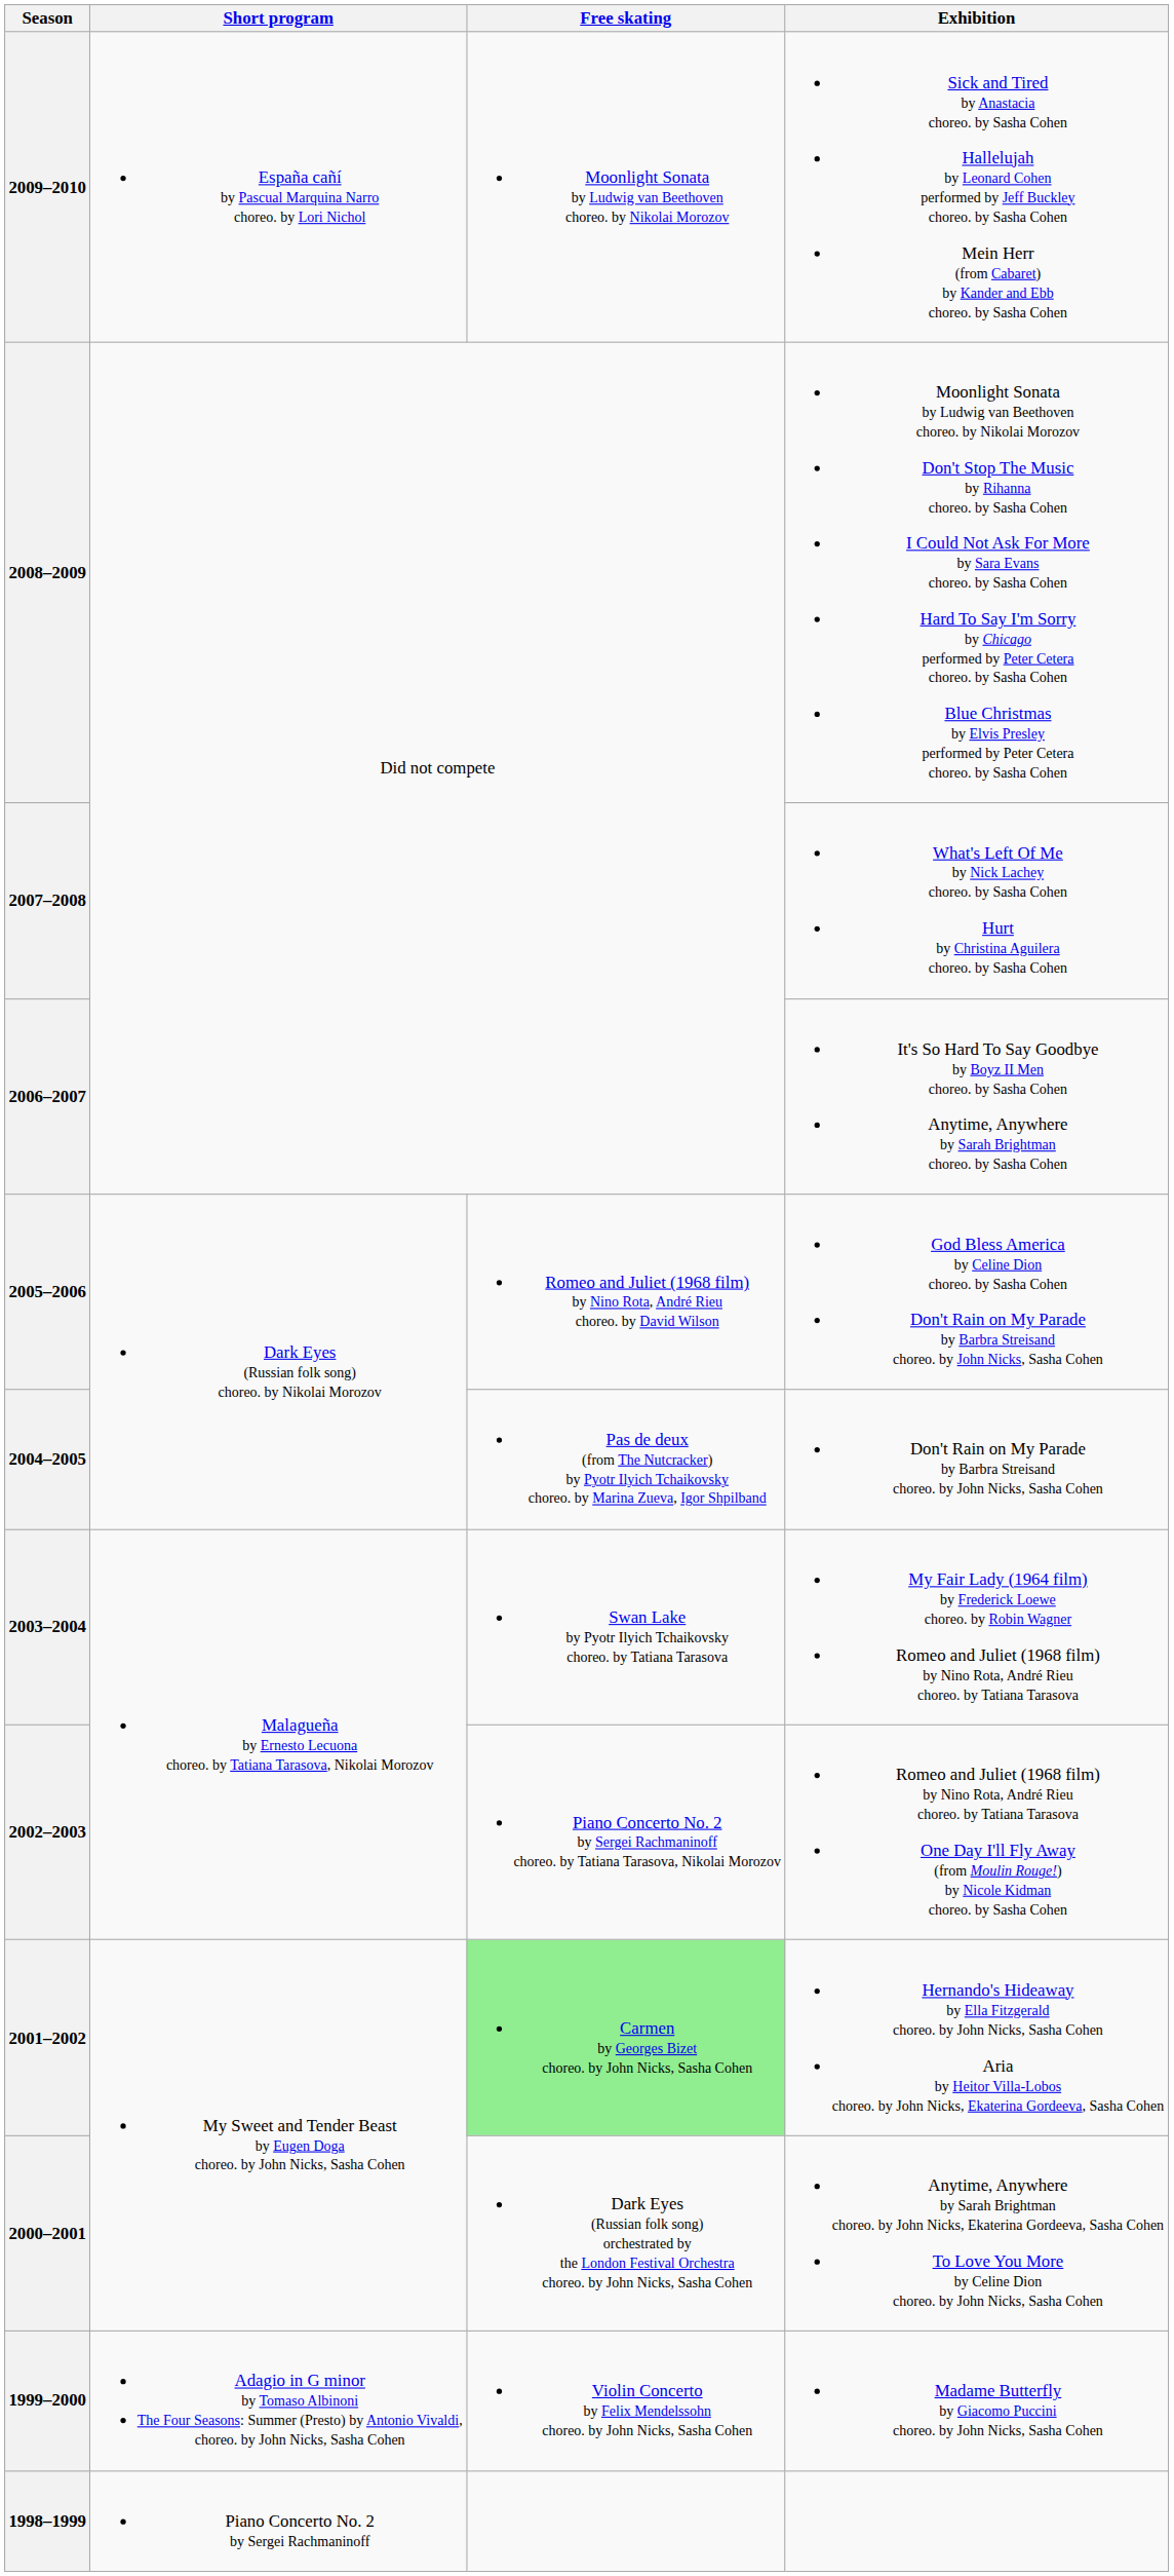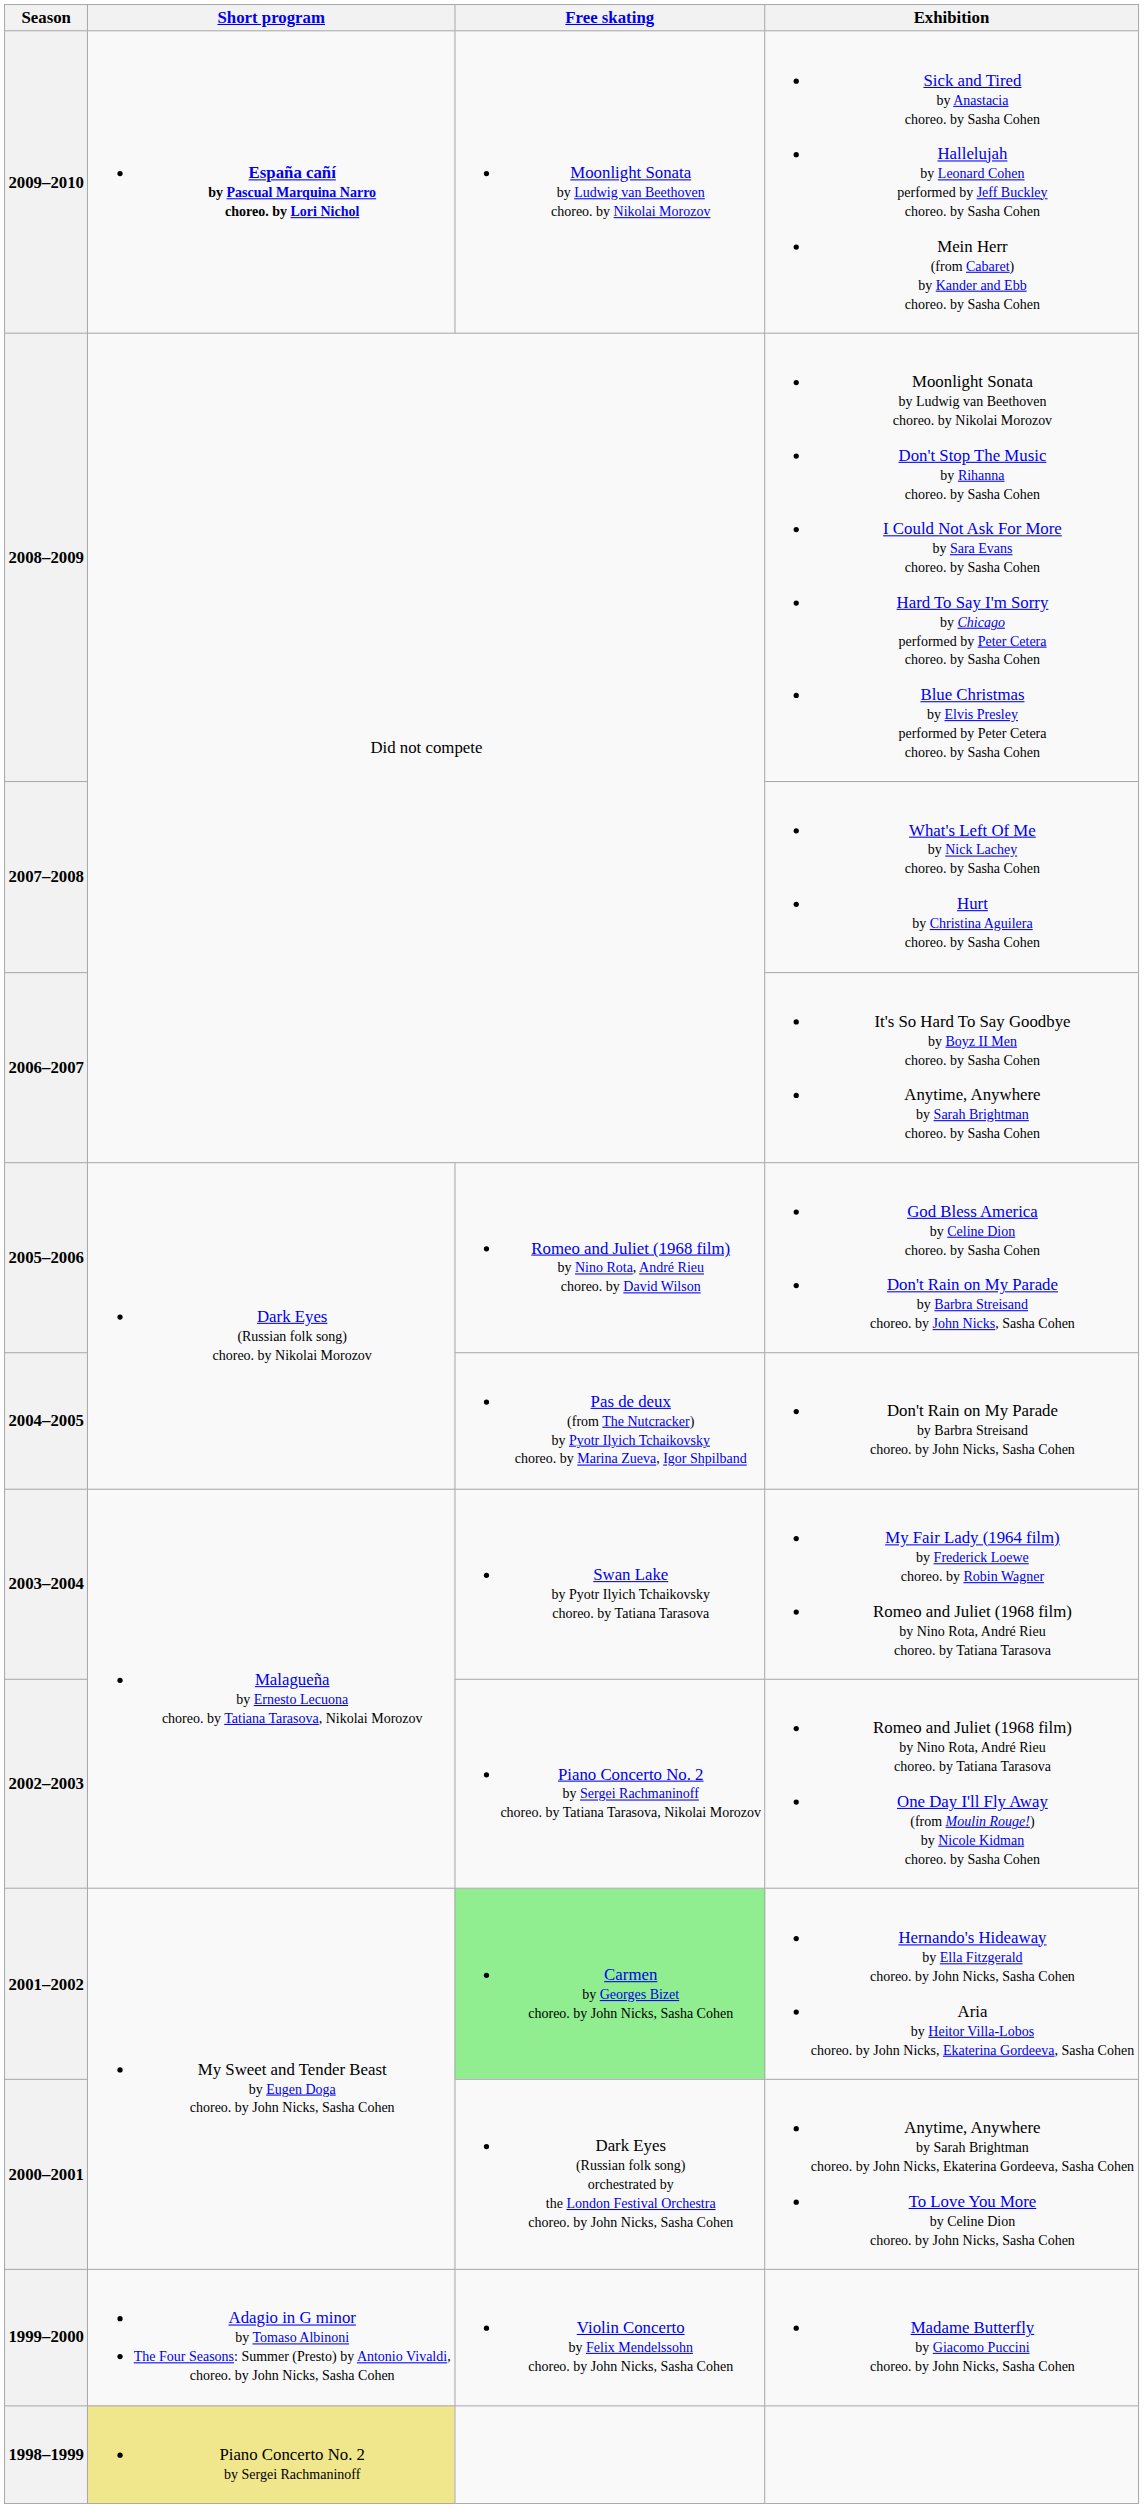 <table class="wikitable" style="text-align:center">
 <tr>
 <th>Season</th>
 <th><a href='#'>Short program</a></th>
 <th><a href='#'>Free skating</a></th>
 <th>Exhibition</th>
 </tr>
 <tr>
 <th>2009–2010</th>
-<td><br><ul><li><a href='#'>España cañí</a> <br> <small> by <a href='#'>Pascual Marquina Narro</a> <br> choreo. by <a href='#'>Lori Nichol</a> </small></li></ul></td>
+<td><strong><br><ul><li><a href='#'>España cañí</a> <br> <small> by <a href='#'>Pascual Marquina Narro</a> <br> choreo. by <a href='#'>Lori Nichol</a> </small></li></ul></strong></td>
 <td><br><ul><li><a href='#'>Moonlight Sonata</a> <br> <small> by <a href='#'>Ludwig van Beethoven</a> <br> choreo. by <a href='#'>Nikolai Morozov</a> </small></li></ul></td>
 <td><br><ul><li><a href='#'>Sick and Tired</a> <br> <small> by <a href='#'>Anastacia</a> <br> choreo. by Sasha Cohen </small></li></ul><ul><li><a href='#'>Hallelujah</a> <br> <small> by <a href='#'>Leonard Cohen</a> <br> performed by <a href='#'>Jeff Buckley</a> <br> choreo. by Sasha Cohen </small></li></ul><ul><li>Mein Herr <br> <small> (from <a href='#'>Cabaret</a>) <br> by <a href='#'>Kander and Ebb</a> <br> choreo. by Sasha Cohen </small></li></ul></td>
 </tr>
 <tr>
 <th>2008–2009</th>
 <td rowspan=3 colspan=2>Did not compete</td>
 <td><br><ul><li>Moonlight Sonata <br> <small> by Ludwig van Beethoven <br> choreo. by Nikolai Morozov </small></li></ul><ul><li><a href='#'>Don't Stop The Music</a> <br> <small> by <a href='#'>Rihanna</a> <br> choreo. by Sasha Cohen </small></li></ul><ul><li><a href='#'>I Could Not Ask For More</a> <br> <small> by <a href='#'>Sara Evans</a> <br> choreo. by Sasha Cohen </small></li></ul><ul><li><a href='#'>Hard To Say I'm Sorry</a> <br> <small> by <em><a href='#'>Chicago</a></em> <br> performed by <a href='#'>Peter Cetera</a> <br> choreo. by Sasha Cohen </small></li></ul><ul><li><a href='#'>Blue Christmas</a> <br> <small> by <a href='#'>Elvis Presley</a> <br> performed by Peter Cetera <br> choreo. by Sasha Cohen </small></li></ul></td>
 </tr>
 <tr>
 <th>2007–2008</th>
 <td><br><ul><li><a href='#'>What's Left Of Me</a> <br> <small> by <a href='#'>Nick Lachey</a> <br> choreo. by Sasha Cohen </small></li></ul><ul><li><a href='#'>Hurt</a> <br> <small> by <a href='#'>Christina Aguilera</a> <br> choreo. by Sasha Cohen </small></li></ul></td>
 </tr>
 <tr>
 <th>2006–2007</th>
 <td><br><ul><li>It's So Hard To Say Goodbye <br> <small> by <a href='#'>Boyz II Men</a> <br> choreo. by Sasha Cohen </small></li></ul><ul><li>Anytime, Anywhere <br> <small> by <a href='#'>Sarah Brightman</a> <br> choreo. by Sasha Cohen </small></li></ul></td>
 </tr>
 <tr>
 <th>2005–2006 <br> </th>
 <td rowspan=2><br><ul><li><a href='#'>Dark Eyes</a> <br> <small> (Russian folk song) <br> choreo. by Nikolai Morozov </small></li></ul></td>
 <td><br><ul><li><a href='#'>Romeo and Juliet (1968 film)</a> <br> <small> by <a href='#'>Nino Rota</a>, <a href='#'>André Rieu</a> <br> choreo. by <a href='#'>David Wilson</a> </small></li></ul></td>
 <td><br><ul><li><a href='#'>God Bless America</a> <br> <small> by <a href='#'>Celine Dion</a> <br> choreo. by Sasha Cohen </small></li></ul><ul><li><a href='#'>Don't Rain on My Parade</a> <br> <small> by <a href='#'>Barbra Streisand</a> <br> choreo. by <a href='#'>John Nicks</a>, Sasha Cohen </small></li></ul></td>
 </tr>
 <tr>
 <th>2004–2005 <br> </th>
 <td><br><ul><li><a href='#'>Pas de deux</a> <br> <small> (from <a href='#'>The Nutcracker</a>) <br> by <a href='#'>Pyotr Ilyich Tchaikovsky</a> <br> choreo. by <a href='#'>Marina Zueva</a>, <a href='#'>Igor Shpilband</a> </small></li></ul></td>
 <td><br><ul><li>Don't Rain on My Parade <br> <small> by Barbra Streisand <br> choreo. by John Nicks, Sasha Cohen</small></li></ul></td>
 </tr>
 <tr>
 <th>2003–2004 <br> </th>
 <td rowspan=2><br><ul><li><a href='#'>Malagueña</a> <br> <small> by <a href='#'>Ernesto Lecuona</a> <br> choreo. by <a href='#'>Tatiana Tarasova</a>, Nikolai Morozov </small></li></ul></td>
 <td><br><ul><li><a href='#'>Swan Lake</a> <br> <small> by Pyotr Ilyich Tchaikovsky <br> choreo. by Tatiana Tarasova </small></li></ul></td>
 <td><br><ul><li><a href='#'>My Fair Lady (1964 film)</a> <br> <small> by <a href='#'>Frederick Loewe</a> <br> choreo. by <a href='#'>Robin Wagner</a> </small></li></ul><ul><li>Romeo and Juliet (1968 film) <br> <small> by Nino Rota, André Rieu <br> choreo. by Tatiana Tarasova </small></li></ul></td>
 </tr>
 <tr>
 <th>2002–2003 <br> </th>
 <td><br><ul><li><a href='#'>Piano Concerto No. 2</a> <br> <small> by <a href='#'>Sergei Rachmaninoff</a> <br> choreo. by Tatiana Tarasova, Nikolai Morozov </small></li></ul></td>
 <td><br><ul><li>Romeo and Juliet (1968 film) <br> <small> by Nino Rota, André Rieu <br> choreo. by Tatiana Tarasova </small></li></ul><ul><li><a href='#'>One Day I'll Fly Away</a> <br> <small> (from <em><a href='#'>Moulin Rouge!</a></em>) <br> by <a href='#'>Nicole Kidman</a> <br> choreo. by Sasha Cohen </small></li></ul></td>
 </tr>
 <tr>
 <th>2001–2002 <br> </th>
 <td rowspan=2><br><ul><li>My Sweet and Tender Beast <br> <small> by <a href='#'>Eugen Doga</a> <br> choreo. by John Nicks, Sasha Cohen </small></li></ul></td>
 <td style="background: lightgreen;"><br><ul><li><a href='#'>Carmen</a> <br> <small> by <a href='#'>Georges Bizet</a> <br> choreo. by John Nicks, Sasha Cohen </small></li></ul></td>
 <td><br><ul><li><a href='#'>Hernando's Hideaway</a> <br> <small> by <a href='#'>Ella Fitzgerald</a> <br> choreo. by John Nicks, Sasha Cohen </small></li></ul><ul><li>Aria <br> <small> by <a href='#'>Heitor Villa-Lobos</a> <br> choreo. by John Nicks, <a href='#'>Ekaterina Gordeeva</a>, Sasha Cohen </small></li></ul></td>
 </tr>
 <tr>
 <th>2000–2001</th>
 <td><br><ul><li>Dark Eyes <br> <small> (Russian folk song) <br> orchestrated by <br> the <a href='#'>London Festival Orchestra</a> <br> choreo. by John Nicks, Sasha Cohen </small></li></ul></td>
 <td><br><ul><li>Anytime, Anywhere <br> <small> by Sarah Brightman <br> choreo. by John Nicks, Ekaterina Gordeeva, Sasha Cohen </small></li></ul><ul><li><a href='#'>To Love You More</a> <br> <small> by Celine Dion <br> choreo. by John Nicks, Sasha Cohen </small></li></ul></td>
 </tr>
 <tr>
 <th>1999–2000</th>
 <td><br><ul><li><a href='#'>Adagio in G minor</a><br> <small> by <a href='#'>Tomaso Albinoni</a> </small></li><li><small><a href='#'>The Four Seasons</a>: Summer (Presto) by <a href='#'>Antonio Vivaldi</a>, <br> choreo. by John Nicks, Sasha Cohen </small></li></ul></td>
 <td><br><ul><li><a href='#'>Violin Concerto</a> <br> <small> by <a href='#'>Felix Mendelssohn</a> <br> choreo. by John Nicks, Sasha Cohen </small></li></ul></td>
 <td><br><ul><li><a href='#'>Madame Butterfly</a> <br> <small> by <a href='#'>Giacomo Puccini</a> <br> choreo. by John Nicks, Sasha Cohen </small></li></ul></td>
 </tr>
 <tr>
 <th>1998–1999</th>
-<td><br><ul><li>Piano Concerto No. 2 <br> <small> by Sergei Rachmaninoff </small></li></ul></td>
+<td style="background: khaki;"><br><ul><li>Piano Concerto No. 2 <br> <small> by Sergei Rachmaninoff </small></li></ul></td>
 <td></td>
 <td></td>
 </tr>
 </table>
